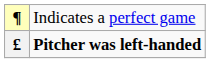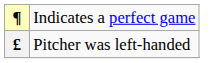 <table class="wikitable plainrowheaders">
 <tr>
 <th scope="row" style="background:#ffb;"> ¶ </th>
 <td>Indicates a <a href='#'>perfect game</a></td>
 </tr>
 <tr>
 <th scope="row" style="text-align:center"> £ </th>
-<td><strong>Pitcher was left-handed</strong></td>
+<td>Pitcher was left-handed</td>
 </tr>
 <tr>
 </tr>
 </table>
